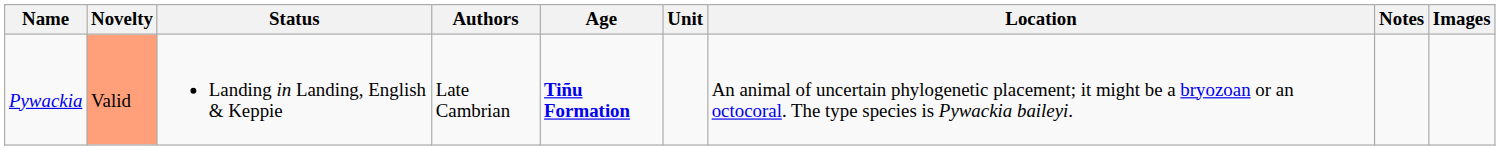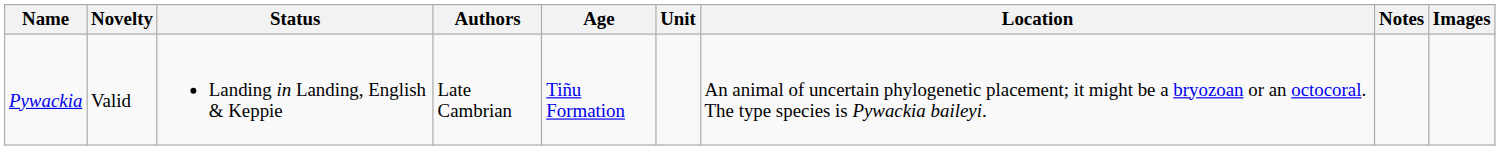 <table class="wikitable sortable" align="center" width="100%">
 <tr>
 <th>Name</th>
 <th>Novelty</th>
 <th>Status</th>
 <th>Authors</th>
 <th>Age</th>
 <th>Unit</th>
 <th>Location</th>
 <th>Notes</th>
 <th>Images</th>
 </tr>
 <tr>
 <td><br><em><a href='#'>Pywackia</a></em></td>
-<td style="background: lightsalmon;"><br>Valid</td>
+<td><br>Valid</td>
 <td><br><ul><li>Landing <em>in</em> Landing, English & Keppie</li></ul></td>
 <td><br>Late Cambrian</td>
-<td><strong><br><a href='#'>Tiñu Formation</a></strong></td>
+<td><br><a href='#'>Tiñu Formation</a></td>
 <td><br></td>
 <td><br>An animal of uncertain phylogenetic placement; it might be a <a href='#'>bryozoan</a> or an <a href='#'>octocoral</a>. The type species is <em>Pywackia baileyi</em>.</td>
 <td></td>
 </tr>
 </table>
